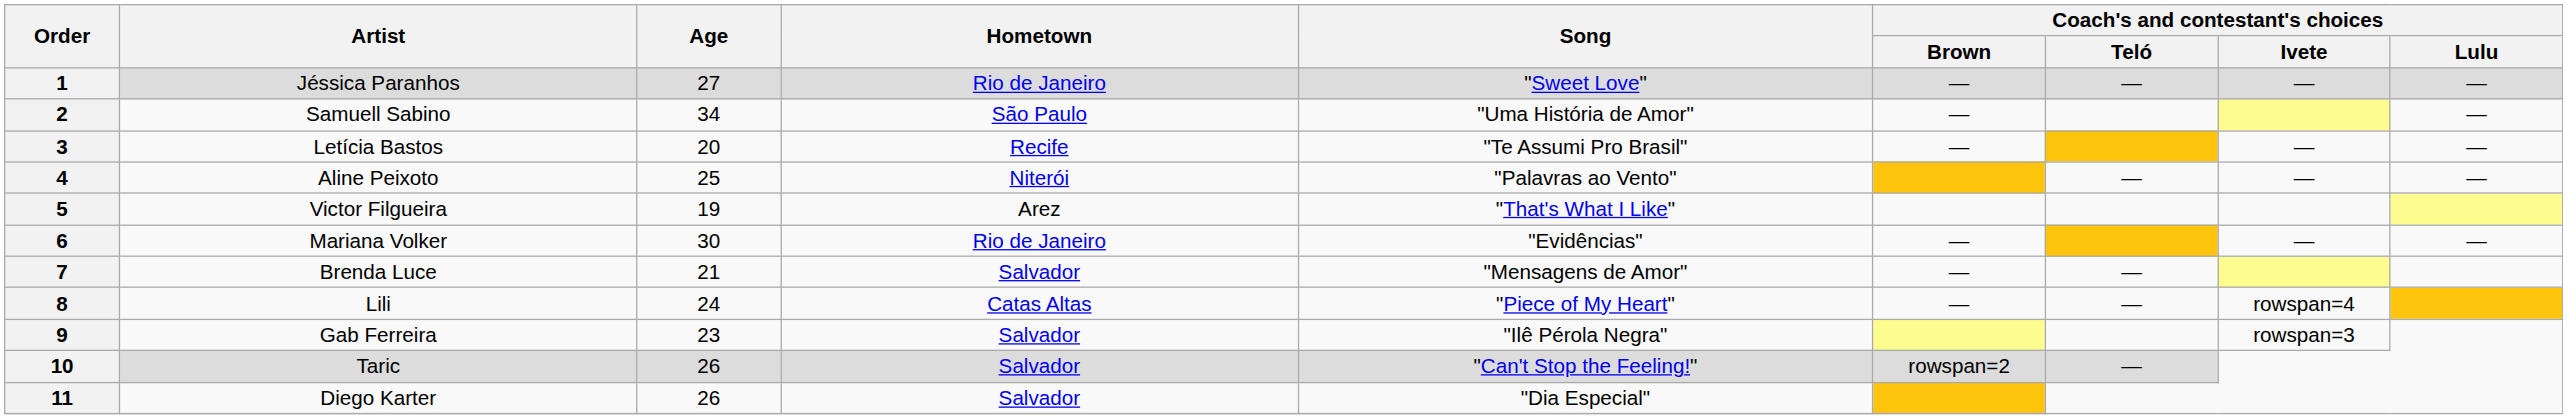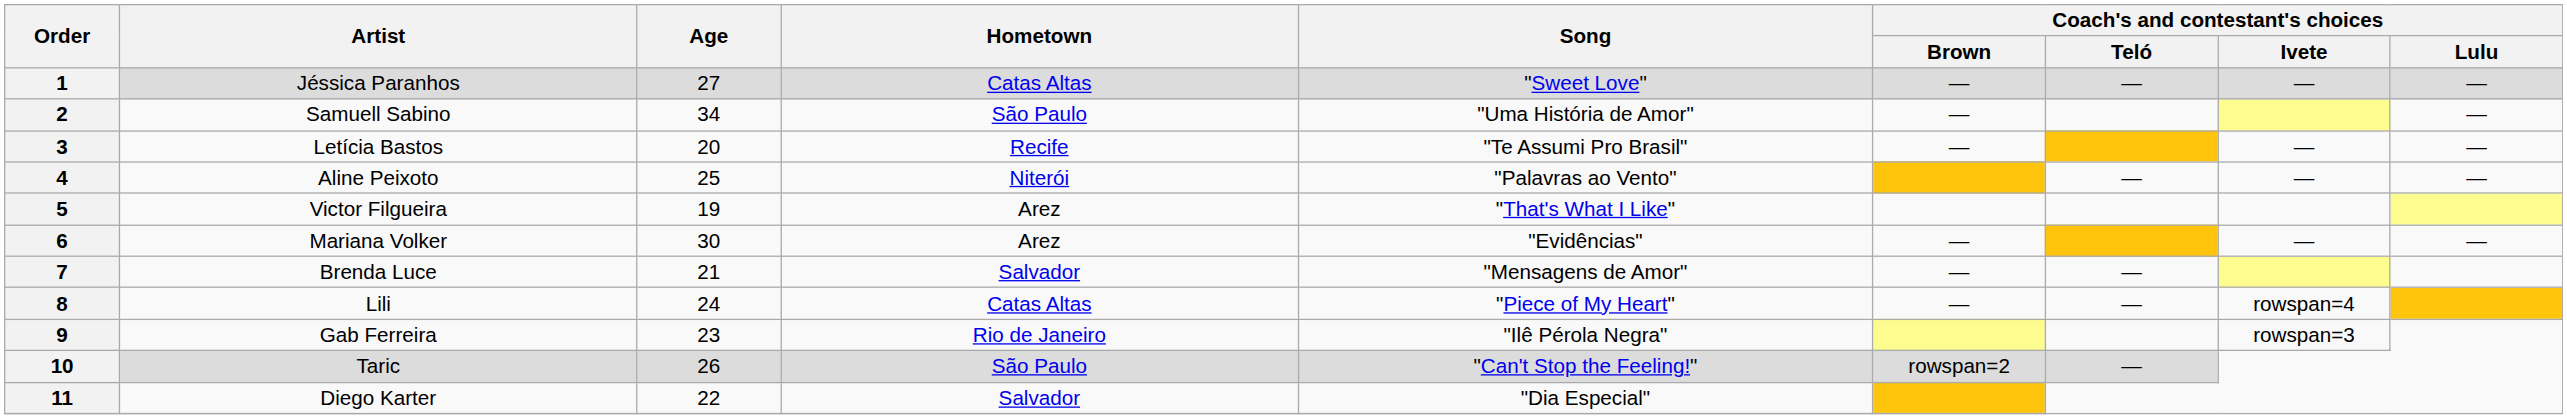 <table class="wikitable" style="text-align:center; line-height:17px; width:100%;">
 <tr>
 <th scope="col" rowspan=2 width="04%">Order</th>
 <th scope="col" rowspan=2 width="18%">Artist</th>
 <th scope="col" rowspan=2 width="05%">Age</th>
 <th scope="col" rowspan=2 width="18%">Hometown</th>
 <th scope="col" rowspan=2 width="20%">Song</th>
 <th scope="col" colspan=4 width="24%">Coach's and contestant's choices</th>
 </tr>
 <tr>
 <th width="06%">Brown</th>
 <th width="06%">Teló</th>
 <th width="06%">Ivete</th>
 <th width="06%">Lulu</th>
 </tr>
 <tr bgcolor=DCDCDC>
 <th>1</th>
 <td>Jéssica Paranhos</td>
 <td>27</td>
-<td><a href='#'>Rio de Janeiro</a></td>
+<td><a href='#'>Catas Altas</a></td>
 <td>"<a href='#'>Sweet Love</a>"</td>
 <td>—</td>
 <td>—</td>
 <td>—</td>
 <td>—</td>
 </tr>
 <tr>
 <th>2</th>
 <td>Samuell Sabino</td>
 <td>34</td>
 <td><a href='#'>São Paulo</a></td>
 <td>"Uma História de Amor"</td>
 <td>—</td>
 <td><strong></strong></td>
 <td bgcolor=FDFC8F><strong></strong></td>
 <td>—</td>
 </tr>
 <tr>
 <th>3</th>
 <td>Letícia Bastos</td>
 <td>20</td>
 <td><a href='#'>Recife</a></td>
 <td>"Te Assumi Pro Brasil"</td>
 <td>—</td>
 <td bgcolor=FFC40C><strong></strong></td>
 <td>—</td>
 <td>—</td>
 </tr>
 <tr>
 <th>4</th>
 <td>Aline Peixoto</td>
 <td>25</td>
 <td><a href='#'>Niterói</a></td>
 <td>"Palavras ao Vento"</td>
 <td bgcolor=FFC40C><strong></strong></td>
 <td>—</td>
 <td>—</td>
 <td>—</td>
 </tr>
 <tr>
 <th>5</th>
 <td>Victor Filgueira</td>
 <td>19</td>
 <td>Arez</td>
 <td>"<a href='#'>That's What I Like</a>"</td>
 <td><strong></strong></td>
 <td><strong></strong></td>
 <td><strong></strong></td>
 <td bgcolor=FDFC8F><strong></strong></td>
 </tr>
 <tr>
 <th>6</th>
 <td>Mariana Volker</td>
 <td>30</td>
-<td><a href='#'>Rio de Janeiro</a></td>
+<td>Arez</td>
 <td>"Evidências"</td>
 <td>—</td>
 <td bgcolor=FFC40C><strong></strong></td>
 <td>—</td>
 <td>—</td>
 </tr>
 <tr>
 <th>7</th>
 <td>Brenda Luce</td>
 <td>21</td>
 <td><a href='#'>Salvador</a></td>
 <td>"Mensagens de Amor"</td>
 <td>—</td>
 <td>—</td>
 <td bgcolor=FDFC8F><strong></strong></td>
 <td><strong></strong></td>
 </tr>
 <tr>
 <th>8</th>
 <td>Lili</td>
 <td>24</td>
 <td><a href='#'>Catas Altas</a></td>
 <td>"<a href='#'>Piece of My Heart</a>"</td>
 <td>—</td>
 <td>—</td>
 <td>rowspan=4 </td>
 <td bgcolor=FFC40C><strong></strong></td>
 </tr>
 <tr>
 <th>9</th>
 <td>Gab Ferreira</td>
 <td>23</td>
-<td><a href='#'>Salvador</a></td>
+<td><a href='#'>Rio de Janeiro</a></td>
 <td>"Ilê Pérola Negra"</td>
 <td bgcolor=FDFC8F><strong></strong></td>
 <td><strong></strong></td>
 <td>rowspan=3 </td>
 </tr>
 <tr bgcolor=DCDCDC>
 <th>10</th>
 <td>Taric</td>
 <td>26</td>
-<td><a href='#'>Salvador</a></td>
+<td><a href='#'>São Paulo</a></td>
 <td>"<a href='#'>Can't Stop the Feeling!</a>"</td>
 <td>rowspan=2 </td>
 <td>—</td>
 </tr>
 <tr>
 <th>11</th>
 <td>Diego Karter</td>
-<td>26</td>
+<td>22</td>
 <td><a href='#'>Salvador</a></td>
 <td>"Dia Especial"</td>
 <td bgcolor=FFC40C><strong></strong></td>
 </tr>
 <tr>
 </tr>
 </table>
